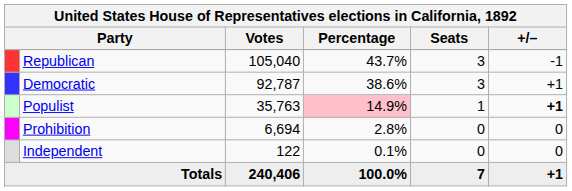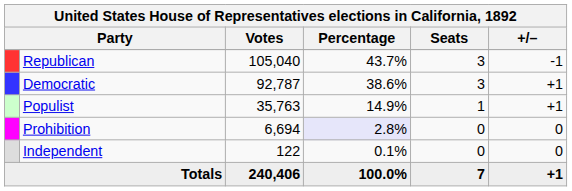 <table class="wikitable" style="font-size: 95%;">
 <tr>
 <th colspan="6">United States House of Representatives elections in California, 1892</th>
 </tr>
 <tr>
 <th colspan=2 style="width: 15em">Party</th>
 <th style="width: 5em">Votes</th>
 <th style="width: 7em">Percentage</th>
 <th style="width: 5em">Seats</th>
 <th style="width: 5em">+/–</th>
 </tr>
 <tr>
 </tr>
 <tr>
 <th style="background-color:#FF3333; width: 3px"></th>
 <td style="width: 130px"><a href='#'>Republican</a></td>
 <td style="text-align:right;">105,040</td>
 <td style="text-align:right;">43.7%</td>
 <td style="text-align:right;">3</td>
 <td style="text-align:right;">-1</td>
 </tr>
 <tr>
 <th style="background-color:#3333FF; width: 3px"></th>
 <td style="width: 130px"><a href='#'>Democratic</a></td>
 <td style="text-align:right;">92,787</td>
 <td style="text-align:right;">38.6%</td>
 <td style="text-align:right;">3</td>
 <td style="text-align:right;">+1</td>
 </tr>
 <tr>
 <th style="background-color:#CCFFCC; width: 3px"></th>
 <td style="width: 130px"><a href='#'>Populist</a></td>
 <td style="text-align:right;">35,763</td>
-<td style="background: pink; text-align:right;">14.9%</td>
+<td style="text-align:right;">14.9%</td>
 <td style="text-align:right;">1</td>
-<td style="text-align:right;"><strong>+1</strong></td>
+<td style="text-align:right;">+1</td>
 </tr>
 <tr>
 <th style="background-color:#FF00FF; width: 3px"></th>
 <td style="width: 130px"><a href='#'>Prohibition</a></td>
 <td style="text-align:right;">6,694</td>
-<td style="text-align:right;">2.8%</td>
+<td style="background: lavender; text-align:right;">2.8%</td>
 <td style="text-align:right;">0</td>
 <td style="text-align:right;">0</td>
 </tr>
 <tr>
 <th style="background-color:#DDDDDD; width: 3px"></th>
 <td style="width: 130px"><a href='#'>Independent</a></td>
 <td style="text-align:right;">122</td>
 <td style="text-align:right;">0.1%</td>
 <td style="text-align:right;">0</td>
 <td style="text-align:right;">0</td>
 </tr>
 <tr style="background-color:#EEEEEE;">
 <td colspan="2" align="right"><strong>Totals</strong></td>
 <td style="text-align:right;"><strong>240,406</strong></td>
 <td style="text-align:right;"><strong>100.0%</strong></td>
 <td style="text-align:right;"><strong>7</strong></td>
 <td style="text-align:right;"><strong>+1</strong></td>
 </tr>
 </table>
